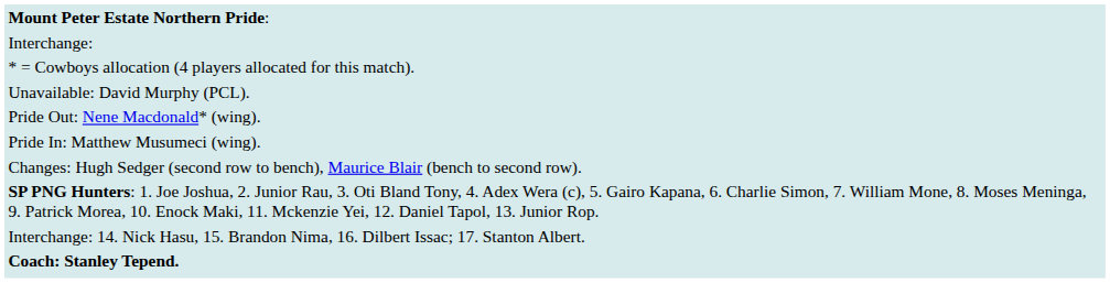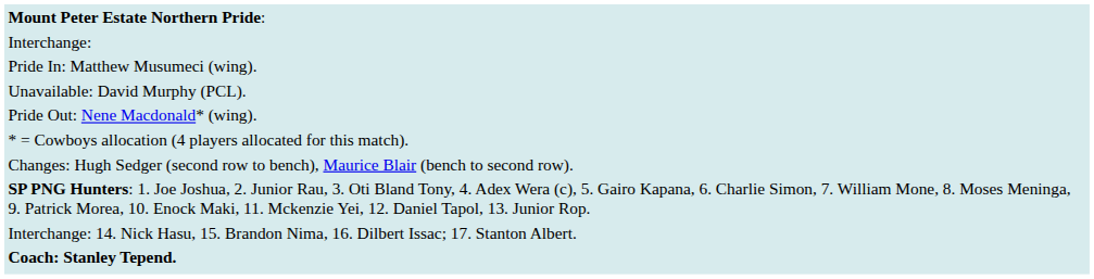 <table style="background:#d7ebed; font-size:85%; width:100%;">
 <tr>
 <td><strong>Mount Peter Estate Northern Pride</strong>:             </td>
 </tr>
 <tr>
 <td>Interchange:    </td>
 </tr>
 <tr>
-<td>* = Cowboys allocation (4 players allocated for this match).</td>
+<td>Pride In: Matthew Musumeci (wing).</td>
 </tr>
 <tr>
 <td>Unavailable: David Murphy (PCL).</td>
 </tr>
 <tr>
 <td>Pride Out: <a href='#'>Nene Macdonald</a>* (wing).</td>
 </tr>
 <tr>
-<td>Pride In: Matthew Musumeci (wing).</td>
+<td>* = Cowboys allocation (4 players allocated for this match).</td>
 </tr>
 <tr>
 <td>Changes: Hugh Sedger (second row to bench), <a href='#'>Maurice Blair</a> (bench to second row).</td>
 </tr>
 <tr>
 <td><strong>SP PNG Hunters</strong>: 1. Joe Joshua, 2. Junior Rau, 3. Oti Bland Tony, 4. Adex Wera (c), 5. Gairo Kapana, 6. Charlie Simon, 7. William Mone, 8. Moses Meninga, 9. Patrick Morea, 10. Enock Maki, 11. Mckenzie Yei, 12. Daniel Tapol, 13. Junior Rop.</td>
 </tr>
 <tr>
 <td>Interchange: 14. Nick Hasu, 15. Brandon Nima, 16. Dilbert Issac; 17. Stanton Albert.</td>
 </tr>
 <tr>
 <td><strong>Coach: Stanley Tepend.</strong></td>
 </tr>
 <tr>
 </tr>
 </table>
